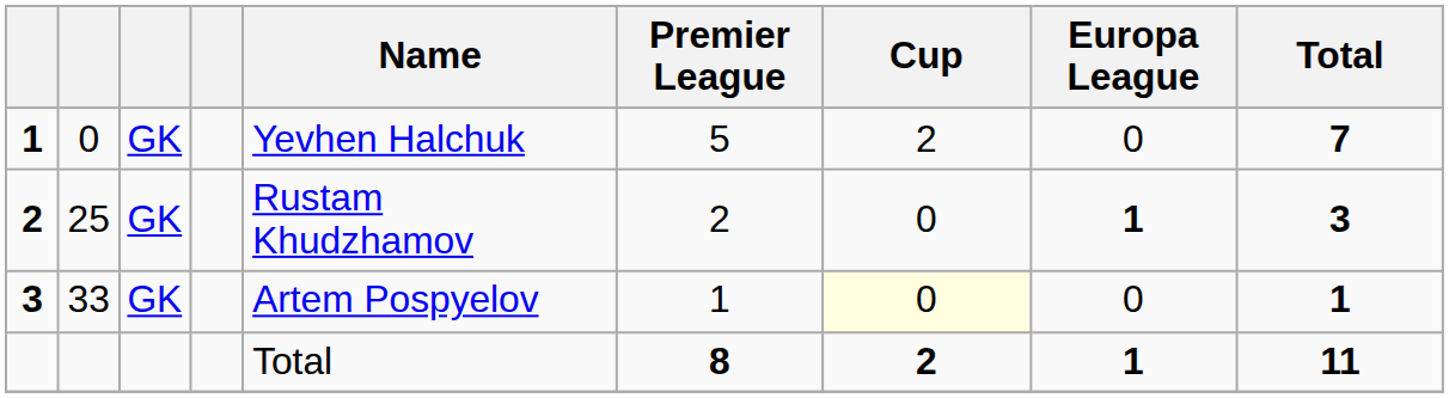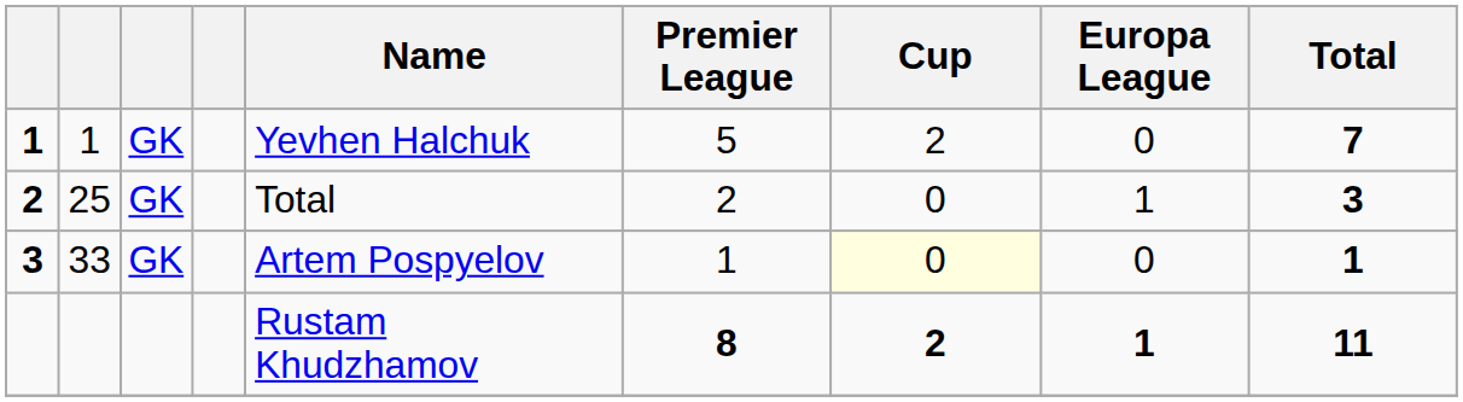 <table class="wikitable" style="text-align:center">
 <tr>
 <th width=15></th>
 <th width=15></th>
 <th width=15></th>
 <th width=15></th>
 <th width=150>Name</th>
 <th width=80><strong>Premier League</strong></th>
 <th width=80><strong>Cup</strong></th>
 <th width=80><strong>Europa League</strong></th>
 <th width=80>Total</th>
 </tr>
 <tr>
 <td><strong>1</strong></td>
-<td>0</td>
+<td>1</td>
 <td><a href='#'>GK</a></td>
 <td></td>
 <td align=left><a href='#'>Yevhen Halchuk</a></td>
 <td>5</td>
 <td>2</td>
 <td>0</td>
 <td><strong>7</strong></td>
 </tr>
 <tr>
 <td><strong>2</strong></td>
 <td>25</td>
 <td><a href='#'>GK</a></td>
 <td></td>
-<td align=left><a href='#'>Rustam Khudzhamov</a></td>
+<td align=left>Total</td>
 <td>2</td>
 <td>0</td>
-<td><strong>1</strong></td>
+<td>1</td>
 <td><strong>3</strong></td>
 </tr>
 <tr>
 <td><strong>3</strong></td>
 <td>33</td>
 <td><a href='#'>GK</a></td>
 <td></td>
 <td align=left><a href='#'>Artem Pospyelov</a></td>
 <td>1</td>
 <td style="background: lightyellow;">0</td>
 <td>0</td>
 <td><strong>1</strong></td>
 </tr>
 <tr>
 <td></td>
 <td></td>
 <td></td>
 <td></td>
-<td align=left>Total</td>
+<td align=left><a href='#'>Rustam Khudzhamov</a></td>
 <td><strong>8</strong></td>
 <td><strong>2</strong></td>
 <td><strong>1</strong></td>
 <td><strong>11</strong></td>
 </tr>
 <tr>
 </tr>
 </table>
